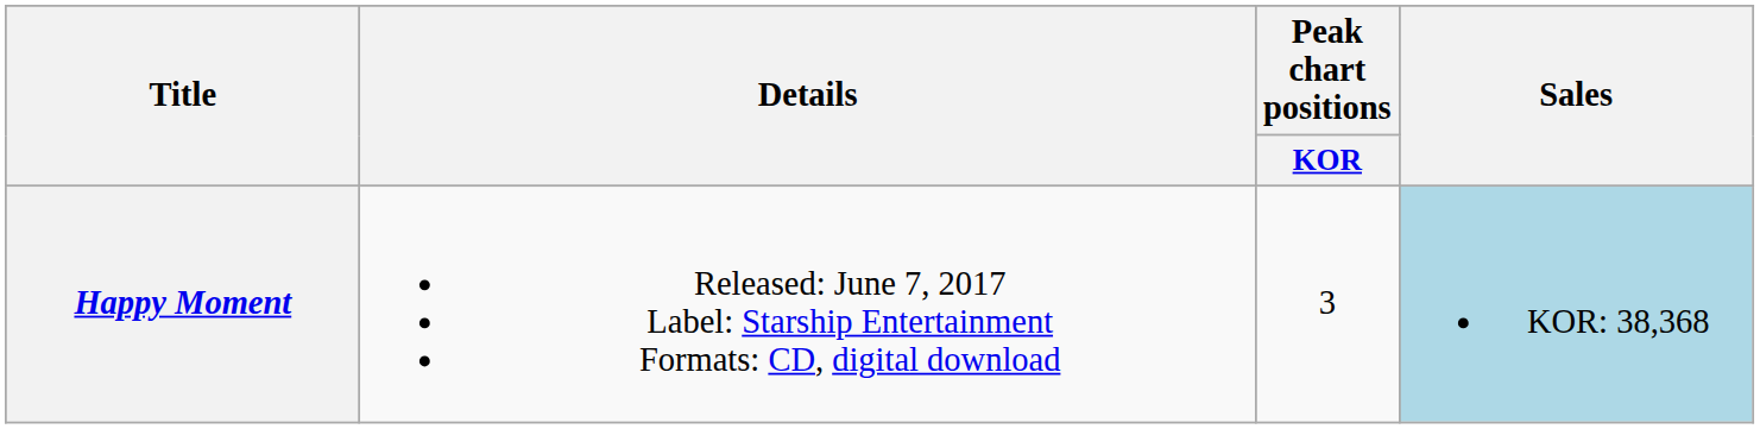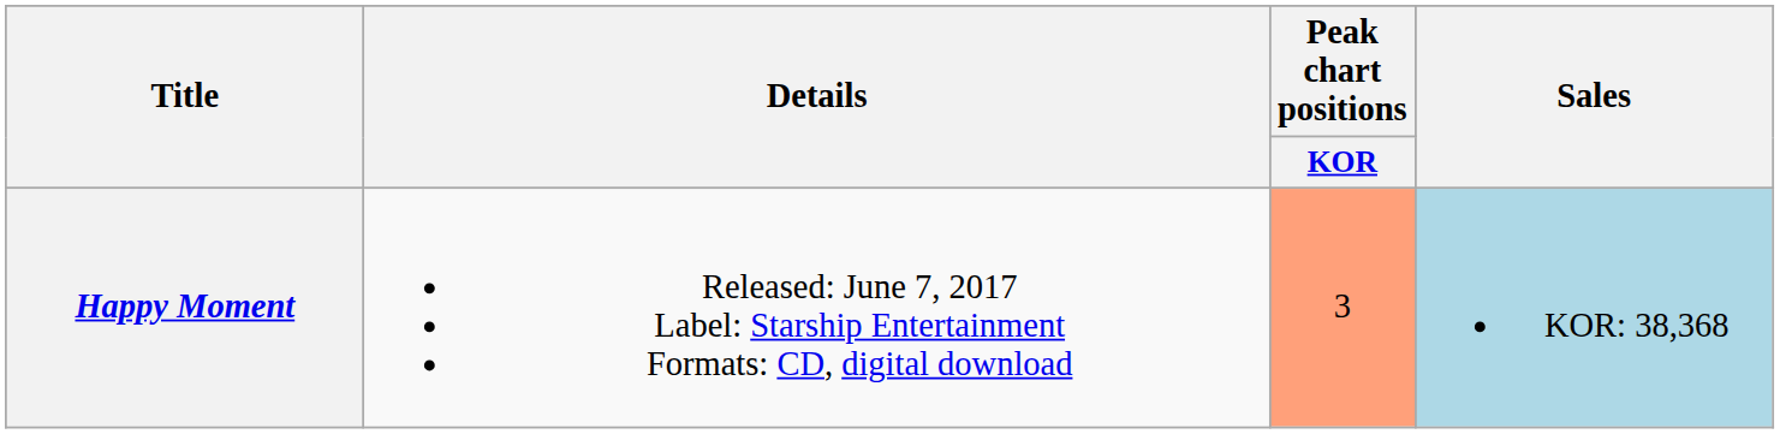 <table class="wikitable plainrowheaders" style="text-align:center;">
 <tr>
 <th rowspan="2" style="width:10em;">Title</th>
 <th rowspan="2" style="width:26em;">Details</th>
 <th colspan="1">Peak chart positions</th>
 <th rowspan="2" style="width:10em;">Sales</th>
 </tr>
 <tr>
 <th scope="col" style="width:3em;font-size:90%;"><a href='#'>KOR</a><br></th>
 </tr>
 <tr>
 <th scope="row"><em><a href='#'>Happy Moment</a></em></th>
 <td><br><ul><li>Released: June 7, 2017</li><li>Label: <a href='#'>Starship Entertainment</a></li><li>Formats: <a href='#'>CD</a>, <a href='#'>digital download</a></li></ul></td>
-<td>3</td>
+<td style="background: lightsalmon;">3</td>
 <td style="background: lightblue;"><br><ul><li>KOR: 38,368</li></ul></td>
 </tr>
 </table>
